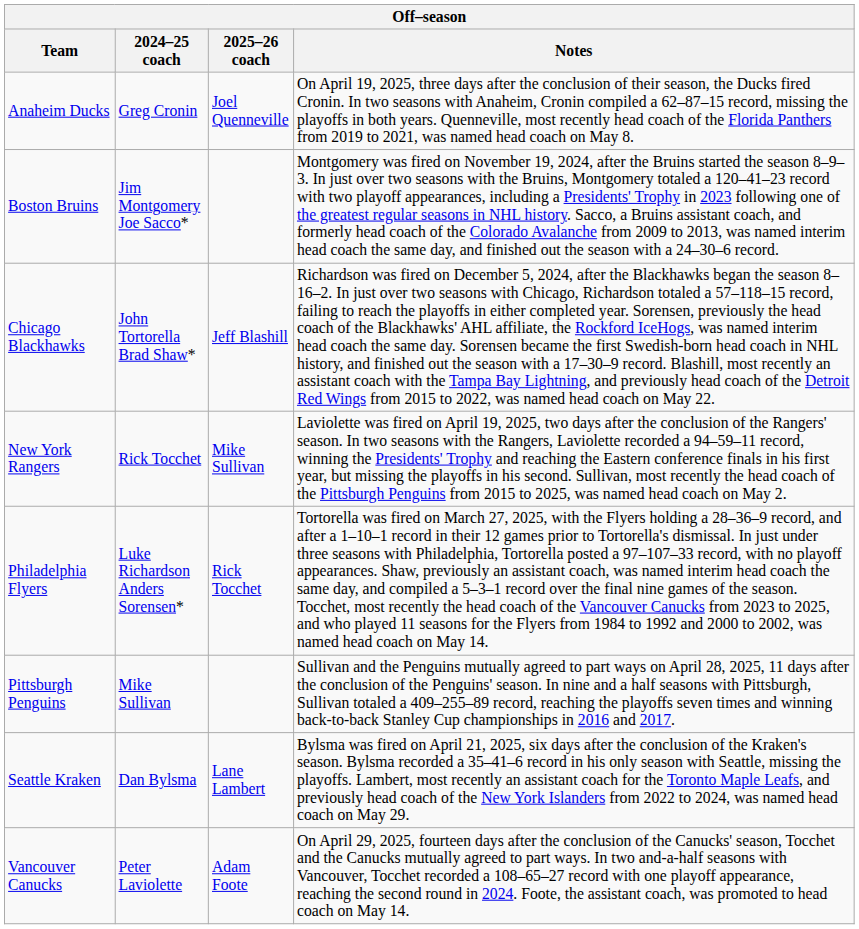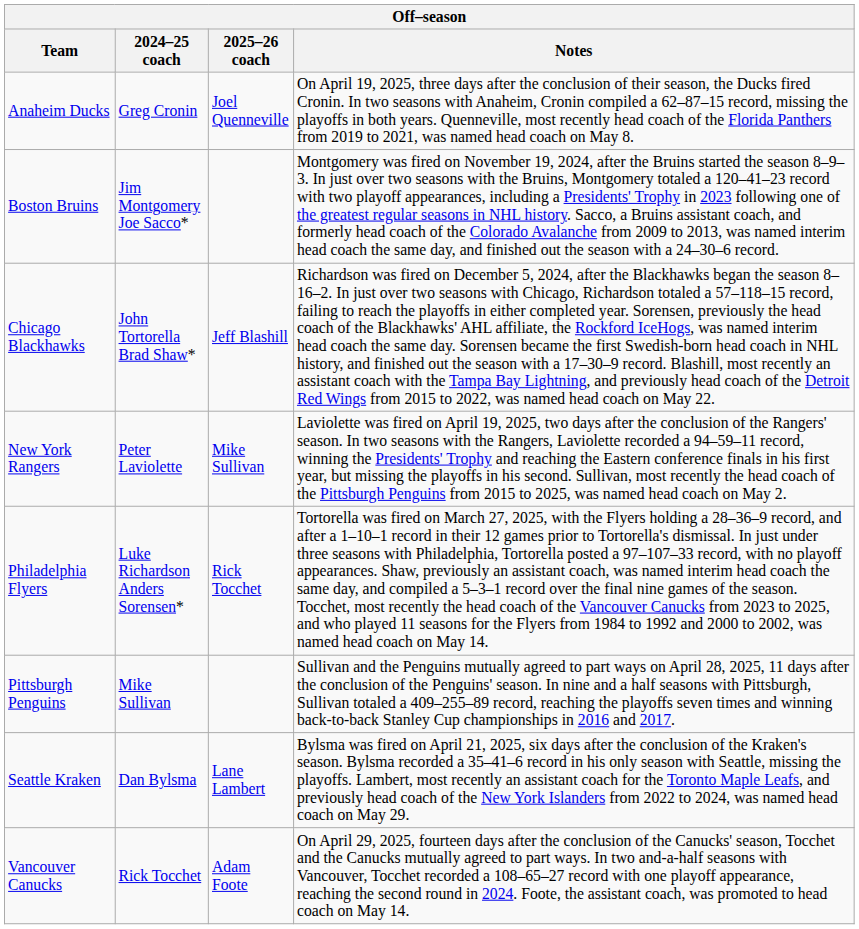 <table class="wikitable">
 <tr>
 <th colspan="4">Off–season</th>
 </tr>
 <tr>
 <th style="width:13%;">Team</th>
 <th style="width:11%;">2024–25 coach</th>
 <th style="width:10%;">2025–26 coach</th>
 <th>Notes</th>
 </tr>
 <tr>
 <td><a href='#'>Anaheim Ducks</a></td>
 <td><a href='#'>Greg Cronin</a></td>
 <td><a href='#'>Joel Quenneville</a></td>
 <td>On April 19, 2025, three days after the conclusion of their season, the Ducks fired Cronin. In two seasons with Anaheim, Cronin compiled a 62–87–15 record, missing the playoffs in both years. Quenneville, most recently head coach of the <a href='#'>Florida Panthers</a> from 2019 to 2021, was named head coach on May 8.</td>
 </tr>
 <tr>
 <td><a href='#'>Boston Bruins</a></td>
 <td><a href='#'>Jim Montgomery</a><br><a href='#'>Joe Sacco</a>*</td>
 <td></td>
 <td>Montgomery was fired on November 19, 2024, after the Bruins started the season 8–9–3. In just over two seasons with the Bruins, Montgomery totaled a 120–41–23 record with two playoff appearances, including a <a href='#'>Presidents' Trophy</a> in <a href='#'>2023</a> following one of <a href='#'>the greatest regular seasons in NHL history</a>. Sacco, a Bruins assistant coach, and formerly head coach of the <a href='#'>Colorado Avalanche</a> from 2009 to 2013, was named interim head coach the same day, and finished out the season with a 24–30–6 record.</td>
 </tr>
 <tr>
 <td><a href='#'>Chicago Blackhawks</a></td>
 <td><a href='#'>John Tortorella</a><br><a href='#'>Brad Shaw</a>*</td>
 <td><a href='#'>Jeff Blashill</a></td>
 <td>Richardson was fired on December 5, 2024, after the Blackhawks began the season 8–16–2. In just over two seasons with Chicago, Richardson totaled a 57–118–15 record, failing to reach the playoffs in either completed year. Sorensen, previously the head coach of the Blackhawks' AHL affiliate, the <a href='#'>Rockford IceHogs</a>, was named interim head coach the same day. Sorensen became the first Swedish-born head coach in NHL history, and finished out the season with a 17–30–9 record. Blashill, most recently an assistant coach with the <a href='#'>Tampa Bay Lightning</a>, and previously head coach of the <a href='#'>Detroit Red Wings</a> from 2015 to 2022, was named head coach on May 22.</td>
 </tr>
 <tr>
 <td><a href='#'>New York Rangers</a></td>
-<td><a href='#'>Rick Tocchet</a></td>
+<td><a href='#'>Peter Laviolette</a></td>
 <td><a href='#'>Mike Sullivan</a></td>
 <td>Laviolette was fired on April 19, 2025, two days after the conclusion of the Rangers' season. In two seasons with the Rangers, Laviolette recorded a 94–59–11 record, winning the <a href='#'>Presidents' Trophy</a> and reaching the Eastern conference finals in his first year, but missing the playoffs in his second. Sullivan, most recently the head coach of the <a href='#'>Pittsburgh Penguins</a> from 2015 to 2025, was named head coach on May 2.</td>
 </tr>
 <tr>
 <td><a href='#'>Philadelphia Flyers</a></td>
 <td><a href='#'>Luke Richardson</a><br><a href='#'>Anders Sorensen</a>*</td>
 <td><a href='#'>Rick Tocchet</a></td>
 <td>Tortorella was fired on March 27, 2025, with the Flyers holding a 28–36–9 record, and after a 1–10–1 record in their 12 games prior to Tortorella's dismissal. In just under three seasons with Philadelphia, Tortorella posted a 97–107–33 record, with no playoff appearances. Shaw, previously an assistant coach, was named interim head coach the same day, and compiled a 5–3–1 record over the final nine games of the season. Tocchet, most recently the head coach of the <a href='#'>Vancouver Canucks</a> from 2023 to 2025, and who played 11 seasons for the Flyers from 1984 to 1992 and 2000 to 2002, was named head coach on May 14.</td>
 </tr>
 <tr>
 <td><a href='#'>Pittsburgh Penguins</a></td>
 <td><a href='#'>Mike Sullivan</a></td>
 <td></td>
 <td>Sullivan and the Penguins mutually agreed to part ways on April 28, 2025, 11 days after the conclusion of the Penguins' season. In nine and a half seasons with Pittsburgh, Sullivan totaled a 409–255–89 record, reaching the playoffs seven times and winning back-to-back Stanley Cup championships in <a href='#'>2016</a> and <a href='#'>2017</a>.</td>
 </tr>
 <tr>
 <td><a href='#'>Seattle Kraken</a></td>
 <td><a href='#'>Dan Bylsma</a></td>
 <td><a href='#'>Lane Lambert</a></td>
 <td>Bylsma was fired on April 21, 2025, six days after the conclusion of the Kraken's season. Bylsma recorded a 35–41–6 record in his only season with Seattle, missing the playoffs. Lambert, most recently an assistant coach for the <a href='#'>Toronto Maple Leafs</a>, and previously head coach of the <a href='#'>New York Islanders</a> from 2022 to 2024, was named head coach on May 29.</td>
 </tr>
 <tr>
 <td><a href='#'>Vancouver Canucks</a></td>
-<td><a href='#'>Peter Laviolette</a></td>
+<td><a href='#'>Rick Tocchet</a></td>
 <td><a href='#'>Adam Foote</a></td>
 <td>On April 29, 2025, fourteen days after the conclusion of the Canucks' season, Tocchet and the Canucks mutually agreed to part ways. In two and-a-half seasons with Vancouver, Tocchet recorded a 108–65–27 record with one playoff appearance, reaching the second round in <a href='#'>2024</a>. Foote, the assistant coach, was promoted to head coach on May 14.</td>
 </tr>
 </table>
